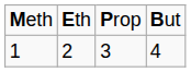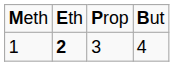 <table class="wikitable">
 <tr>
 <td><strong>M</strong>eth</td>
 <td><strong>E</strong>th</td>
 <td><strong>P</strong>rop</td>
 <td><strong>B</strong>ut</td>
 </tr>
 <tr>
 <td>1</td>
-<td>2</td>
+<td><strong>2</strong></td>
 <td>3</td>
 <td>4</td>
 </tr>
 </table>
